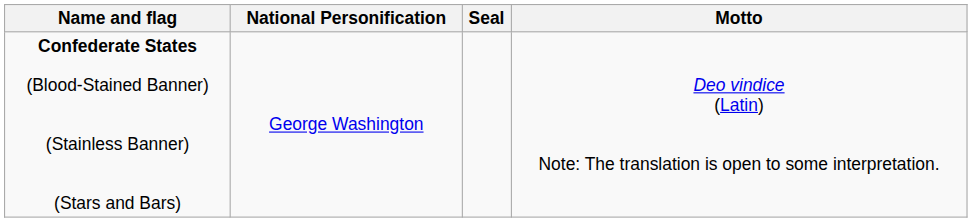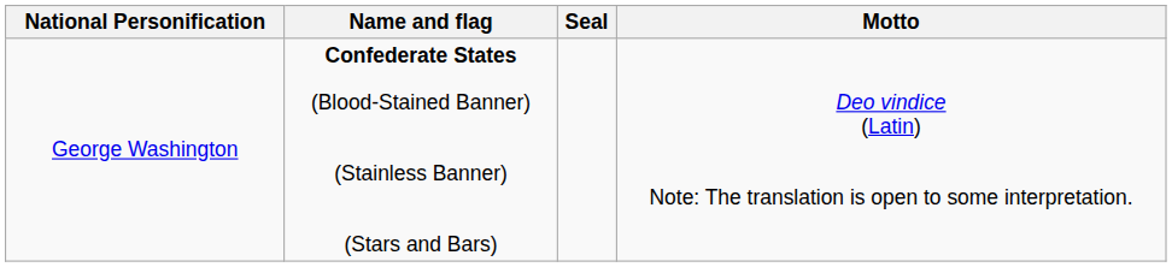 <table class="wikitable sortable" style="width:100%;text-align:center;">
 <tr>
+<th width="*"><strong>National Personification</strong></th>
 <th width="200px"><strong>Name and flag</strong></th>
-<th width="*"><strong>National Personification</strong></th>
 <th width="*"><strong>Seal</strong></th>
 <th width="*"><strong>Motto</strong></th>
 </tr>
 <tr ->
+<td><a href='#'>George Washington</a><br></td>
 <td><strong>Confederate States</strong><br><br>(Blood-Stained Banner)<br><br><br>(Stainless Banner)<br><br><br>(Stars and Bars)<br></td>
-<td><a href='#'>George Washington</a><br></td>
 <td>  <br></td>
 <td><em><a href='#'>Deo vindice</a></em><br>(<a href='#'>Latin</a>)<br><br><br>Note: The translation is open to some interpretation.</td>
 </tr>
 </table>
